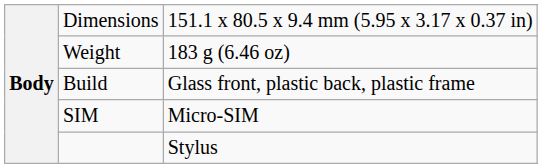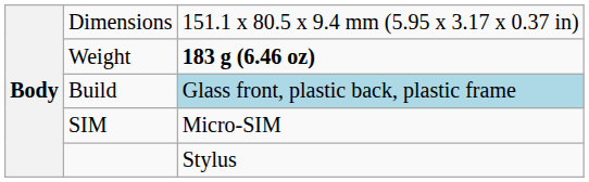 <table class="wikitable">
 <tr>
 <th rowspan="6">Body</th>
 <td>Dimensions</td>
 <td>151.1 x 80.5 x 9.4 mm (5.95 x 3.17 x 0.37 in)</td>
 </tr>
 <tr>
 <td>Weight</td>
-<td>183 g (6.46 oz)</td>
+<td><strong>183 g (6.46 oz)</strong></td>
 </tr>
 <tr>
 <td>Build</td>
-<td>Glass front, plastic back, plastic frame</td>
+<td style="background: lightblue;">Glass front, plastic back, plastic frame</td>
 </tr>
 <tr>
 <td>SIM</td>
 <td>Micro-SIM</td>
 </tr>
 <tr>
 <td></td>
 <td>Stylus</td>
 </tr>
 </table>
